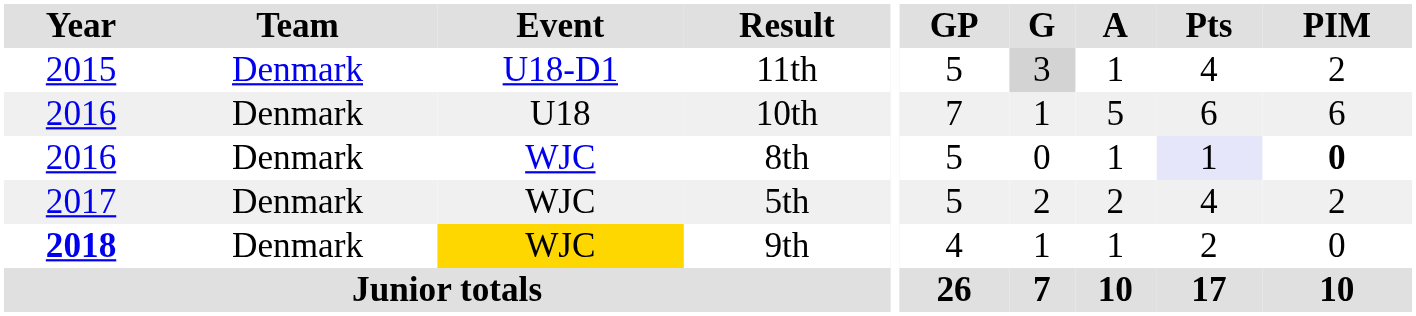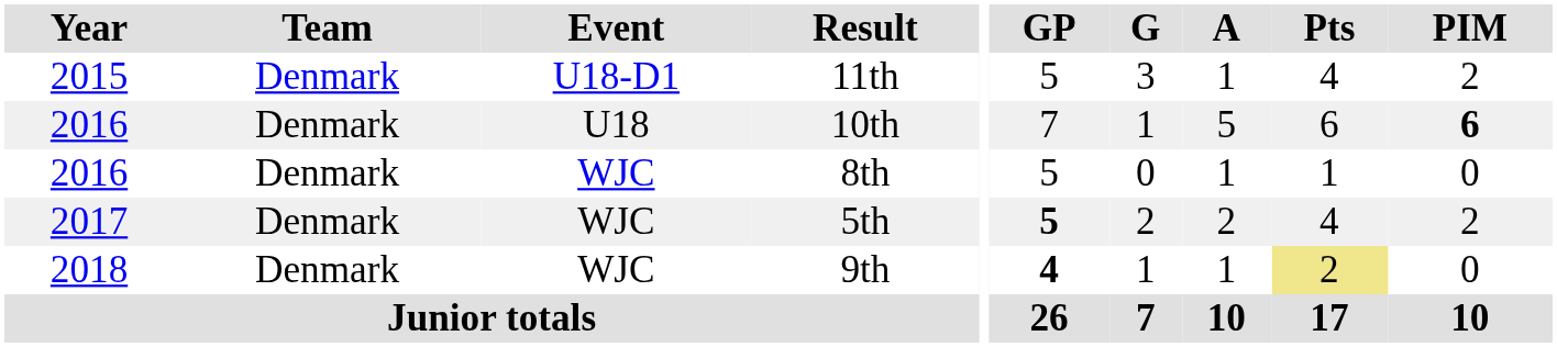 <table border="0" cellpadding="1" cellspacing="0" ID="Table3" style="text-align:center; width:40em">
 <tr ALIGN="center" bgcolor="#e0e0e0">
 <th>Year</th>
 <th>Team</th>
 <th>Event</th>
 <th>Result</th>
 <th rowspan="99" bgcolor="#ffffff"></th>
 <th>GP</th>
 <th>G</th>
 <th>A</th>
 <th>Pts</th>
 <th>PIM</th>
 </tr>
 <tr>
 <td><a href='#'>2015</a></td>
 <td><a href='#'>Denmark</a></td>
 <td><a href='#'>U18-D1</a></td>
 <td>11th</td>
 <td>5</td>
-<td style="background: lightgrey;">3</td>
+<td>3</td>
 <td>1</td>
 <td>4</td>
 <td>2</td>
 </tr>
 <tr bgcolor="#f0f0f0">
 <td><a href='#'>2016</a></td>
 <td>Denmark</td>
 <td>U18</td>
 <td>10th</td>
 <td>7</td>
 <td>1</td>
 <td>5</td>
 <td>6</td>
-<td>6</td>
+<td><strong>6</strong></td>
 </tr>
 <tr>
 <td><a href='#'>2016</a></td>
 <td>Denmark</td>
 <td><a href='#'>WJC</a></td>
 <td>8th</td>
 <td>5</td>
 <td>0</td>
 <td>1</td>
-<td style="background: lavender;">1</td>
-<td><strong>0</strong></td>
+<td>1</td>
+<td>0</td>
 </tr>
 <tr bgcolor="#f0f0f0">
 <td><a href='#'>2017</a></td>
 <td>Denmark</td>
 <td>WJC</td>
 <td>5th</td>
-<td>5</td>
+<td><strong>5</strong></td>
 <td>2</td>
 <td>2</td>
 <td>4</td>
 <td>2</td>
 </tr>
 <tr>
-<td><strong><a href='#'>2018</a></strong></td>
+<td><a href='#'>2018</a></td>
 <td>Denmark</td>
-<td style="background: gold;">WJC</td>
+<td>WJC</td>
 <td>9th</td>
-<td>4</td>
+<td><strong>4</strong></td>
 <td>1</td>
 <td>1</td>
-<td>2</td>
+<td style="background: khaki;">2</td>
 <td>0</td>
 </tr>
 <tr bgcolor="#e0e0e0">
 <th colspan="4">Junior totals</th>
 <th>26</th>
 <th>7</th>
 <th>10</th>
 <th>17</th>
 <th>10</th>
 </tr>
 </table>
